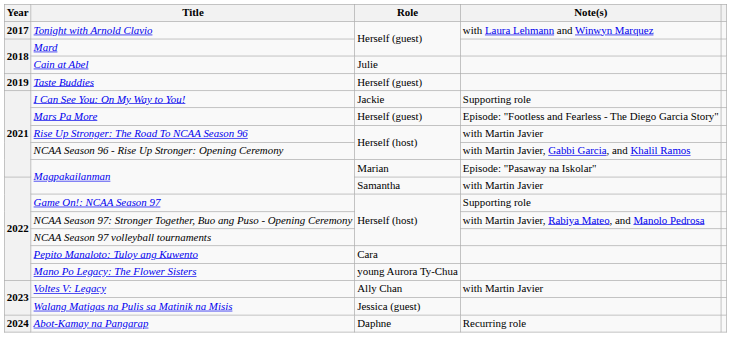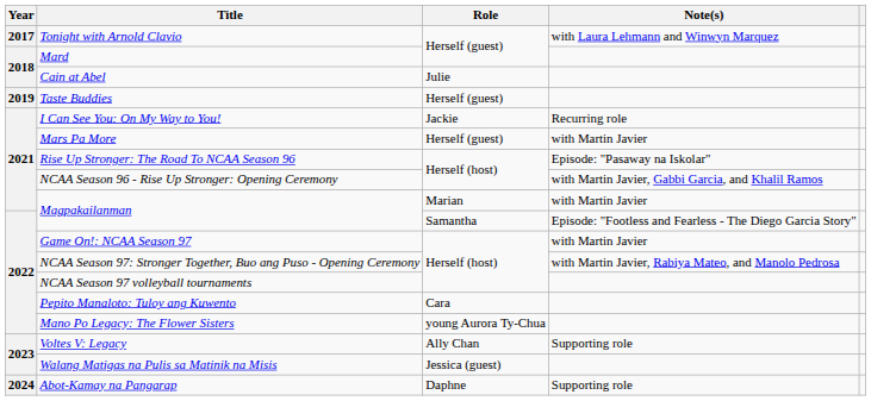 <table class="wikitable sortable plainrowheaders">
 <tr>
 <th scope="col">Year</th>
 <th scope="col">Title</th>
 <th scope="col">Role</th>
 <th scope="col" class="unsortable">Note(s)</th>
 <th scope="col" class="unsortable"></th>
 </tr>
 <tr>
 <th scope="row">2017</th>
 <td><em><a href='#'>Tonight with Arnold Clavio</a></em></td>
 <td rowspan="2">Herself (guest)</td>
 <td>with <a href='#'>Laura Lehmann</a> and <a href='#'>Winwyn Marquez</a></td>
 <td></td>
 </tr>
 <tr>
 <th rowspan="2" scope="row">2018</th>
 <td><em><a href='#'>Mard</a></em></td>
 <td></td>
 <td></td>
 </tr>
 <tr>
 <td><em><a href='#'>Cain at Abel</a></em></td>
 <td>Julie</td>
 <td></td>
 <td></td>
 </tr>
 <tr>
 <th scope="row">2019</th>
 <td><em><a href='#'>Taste Buddies</a></em></td>
 <td>Herself (guest)</td>
 <td></td>
 <td></td>
 </tr>
 <tr>
 <th rowspan="5" scope="row">2021</th>
 <td><em><a href='#'>I Can See You: On My Way to You!</a></em></td>
 <td>Jackie</td>
-<td>Supporting role</td>
+<td>Recurring role</td>
 <td></td>
 </tr>
 <tr>
 <td><em><a href='#'>Mars Pa More</a></em></td>
 <td>Herself (guest)</td>
-<td>Episode: "Footless and Fearless - The Diego Garcia Story"</td>
+<td>with Martin Javier</td>
 <td></td>
 </tr>
 <tr>
 <td><em><a href='#'>Rise Up Stronger: The Road To NCAA Season 96</a></em></td>
 <td rowspan="2">Herself (host)</td>
-<td>with Martin Javier</td>
+<td>Episode: "Pasaway na Iskolar"</td>
 <td></td>
 </tr>
 <tr>
 <td><em>NCAA Season 96 - Rise Up Stronger: Opening Ceremony</em></td>
 <td>with Martin Javier, <a href='#'>Gabbi Garcia</a>, and <a href='#'>Khalil Ramos</a></td>
 <td></td>
 </tr>
 <tr>
 <td rowspan="2"><em><a href='#'>Magpakailanman</a></em></td>
 <td>Marian</td>
-<td>Episode: "Pasaway na Iskolar"</td>
+<td>with Martin Javier</td>
 <td></td>
 </tr>
 <tr>
 <th rowspan="6" scope="row">2022</th>
 <td>Samantha</td>
-<td>with Martin Javier</td>
+<td>Episode: "Footless and Fearless - The Diego Garcia Story"</td>
 <td></td>
 </tr>
 <tr>
 <td><em><a href='#'>Game On!: NCAA Season 97</a></em></td>
 <td rowspan="3">Herself (host)</td>
-<td>Supporting role</td>
+<td>with Martin Javier</td>
 <td></td>
 </tr>
 <tr>
 <td><em>NCAA Season 97: Stronger Together, Buo ang Puso - Opening Ceremony</em></td>
 <td>with Martin Javier, <a href='#'>Rabiya Mateo</a>, and <a href='#'>Manolo Pedrosa</a></td>
 <td></td>
 </tr>
 <tr>
 <td><em>NCAA Season 97 volleyball tournaments</em></td>
 <td></td>
 <td></td>
 </tr>
 <tr>
 <td><em><a href='#'>Pepito Manaloto: Tuloy ang Kuwento</a></em></td>
 <td>Cara</td>
 <td></td>
 <td></td>
 </tr>
 <tr>
 <td><em><a href='#'>Mano Po Legacy: The Flower Sisters</a></em></td>
 <td>young Aurora Ty-Chua</td>
 <td></td>
 <td></td>
 </tr>
 <tr>
 <th rowspan="2" scope="row">2023</th>
 <td><em><a href='#'>Voltes V: Legacy</a></em></td>
 <td>Ally Chan</td>
-<td>with Martin Javier</td>
+<td>Supporting role</td>
 <td></td>
 </tr>
 <tr>
 <td><em><a href='#'>Walang Matigas na Pulis sa Matinik na Misis</a></em></td>
 <td>Jessica (guest)</td>
 <td></td>
 <td></td>
 </tr>
 <tr>
 <th scope="row">2024</th>
 <td><em><a href='#'>Abot-Kamay na Pangarap</a></em></td>
 <td>Daphne</td>
-<td>Recurring role</td>
+<td>Supporting role</td>
 <td></td>
 </tr>
 </table>
